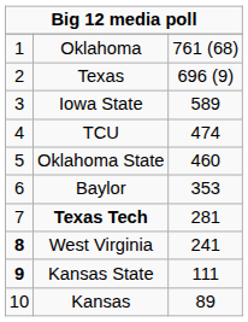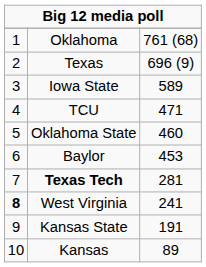 <table class="wikitable" style="display: inline-table;">
 <tr>
 <td align="center" Colspan="3"><strong>Big 12 media poll</strong></td>
 </tr>
 <tr align="center">
 </tr>
 <tr align="center">
 <td>1</td>
 <td>Oklahoma</td>
 <td>761 (68)</td>
 </tr>
 <tr align="center">
 <td>2</td>
 <td>Texas</td>
 <td>696 (9)</td>
 </tr>
 <tr align="center">
 <td>3</td>
 <td>Iowa State</td>
 <td>589</td>
 </tr>
 <tr align="center">
 <td>4</td>
 <td>TCU</td>
-<td>474</td>
+<td>471</td>
 </tr>
 <tr align="center">
 <td>5</td>
 <td>Oklahoma State</td>
 <td>460</td>
 </tr>
 <tr align="center">
 <td>6</td>
 <td>Baylor</td>
-<td>353</td>
+<td>453</td>
 </tr>
 <tr align="center">
 <td>7</td>
 <td><strong>Texas Tech</strong></td>
 <td>281</td>
 </tr>
 <tr align="center">
 <td><strong>8</strong></td>
 <td>West Virginia</td>
 <td>241</td>
 </tr>
 <tr align="center">
-<td><strong>9</strong></td>
+<td>9</td>
 <td>Kansas State</td>
-<td>111</td>
+<td>191</td>
 </tr>
 <tr align="center">
 <td>10</td>
 <td>Kansas</td>
 <td>89</td>
 </tr>
 </table>
